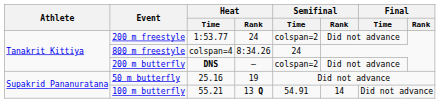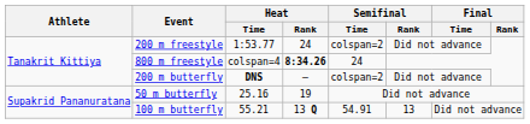 <table class=wikitable style="font-size:90%">
 <tr>
 <th rowspan=2>Athlete</th>
 <th rowspan=2>Event</th>
 <th colspan="2">Heat</th>
 <th colspan="2">Semifinal</th>
 <th colspan="2">Final</th>
 </tr>
 <tr style="font-size:95%">
 <th>Time</th>
 <th>Rank</th>
 <th>Time</th>
 <th>Rank</th>
 <th>Time</th>
 <th>Rank</th>
 </tr>
 <tr align=center>
 <td align=left rowspan=3><a href='#'>Tanakrit Kittiya</a></td>
 <td align=left><a href='#'>200 m freestyle</a></td>
 <td>1:53.77</td>
 <td>24</td>
 <td>colspan=2 </td>
 <td colspan="2" align=center>Did not advance</td>
 </tr>
 <tr align=center>
 <td align=left><a href='#'>800 m freestyle</a></td>
 <td>colspan=4 </td>
-<td>8:34.26</td>
+<td><strong>8:34.26</strong></td>
 <td>24</td>
 </tr>
 <tr align=center>
 <td align=left><a href='#'>200 m butterfly</a></td>
 <td><strong>DNS</strong></td>
 <td>—</td>
 <td>colspan=2 </td>
 <td colspan="2" align=center>Did not advance</td>
 </tr>
 <tr align=center>
 <td align=left rowspan=2><a href='#'>Supakrid Pananuratana</a></td>
 <td align=left><a href='#'>50 m butterfly</a></td>
 <td>25.16</td>
 <td>19</td>
 <td colspan="4" align=center>Did not advance</td>
 </tr>
 <tr align=center>
 <td align=left><a href='#'>100 m butterfly</a></td>
 <td>55.21</td>
 <td>13 <strong>Q</strong></td>
 <td>54.91</td>
-<td>14</td>
+<td>13</td>
 <td colspan="2" align=center>Did not advance</td>
 </tr>
 </table>
